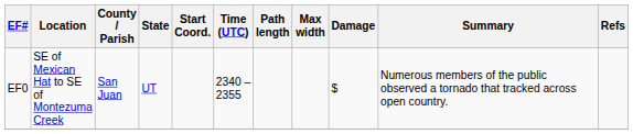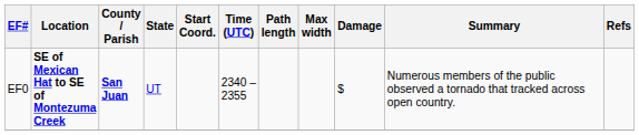 <table class="wikitable sortable" style="width:100%;">
 <tr>
 <th scope="col" width="3%" align="center"><a href='#'>EF#</a></th>
 <th scope="col" width="7%" align="center" class="unsortable">Location</th>
 <th scope="col" width="6%" align="center" class="unsortable">County / Parish</th>
 <th scope="col" width="5%" align="center">State</th>
 <th scope="col" width="6%" align="center">Start Coord.</th>
 <th scope="col" width="6%" align="center">Time (<a href='#'>UTC</a>)</th>
 <th scope="col" width="6%" align="center">Path length</th>
 <th scope="col" width="6%" align="center">Max width</th>
 <th scope="col" width="6%" align="center">Damage</th>
 <th scope="col" width="48%" class="unsortable" align="center">Summary</th>
 <th scope="col" width="48%" class="unsortable" align="center">Refs</th>
 </tr>
 <tr>
 <td>EF0</td>
-<td>SE of <a href='#'>Mexican Hat</a> to SE of <a href='#'>Montezuma Creek</a></td>
-<td><a href='#'>San Juan</a></td>
+<td><strong>SE of <a href='#'>Mexican Hat</a> to SE of <a href='#'>Montezuma Creek</a></strong></td>
+<td><strong><a href='#'>San Juan</a></strong></td>
 <td><a href='#'>UT</a></td>
 <td></td>
 <td>2340 – 2355</td>
 <td></td>
 <td></td>
 <td>$</td>
 <td>Numerous members of the public observed a tornado that tracked across open country.</td>
 <td></td>
 </tr>
 <tr>
 </tr>
 </table>
